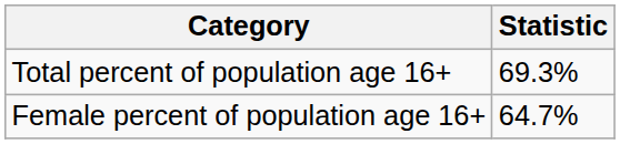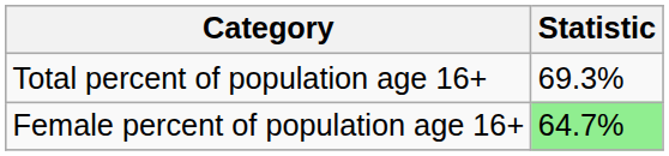 <table class="wikitable mw-collapsible">
 <tr>
 <th>Category</th>
 <th>Statistic</th>
 </tr>
 <tr>
 <td>Total percent of population age 16+</td>
 <td>69.3%</td>
 </tr>
 <tr>
 <td>Female percent of population age 16+</td>
-<td>64.7%</td>
+<td style="background: lightgreen;">64.7%</td>
 </tr>
 </table>
